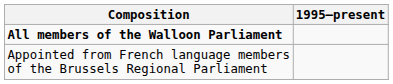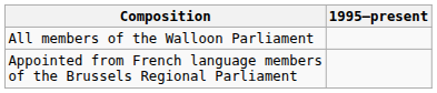 <table class="wikitable">
 <tr>
 <th>Composition</th>
 <th>1995–present</th>
 </tr>
 <tr>
-<td><strong>All members of the Walloon Parliament</strong></td>
+<td>All members of the Walloon Parliament</td>
 <td></td>
 </tr>
 <tr>
 <td>Appointed from French language members<br>of the Brussels Regional Parliament</td>
 <td></td>
 </tr>
 </table>
